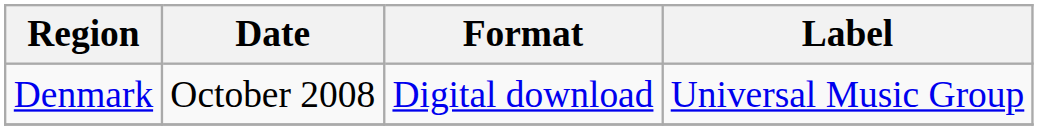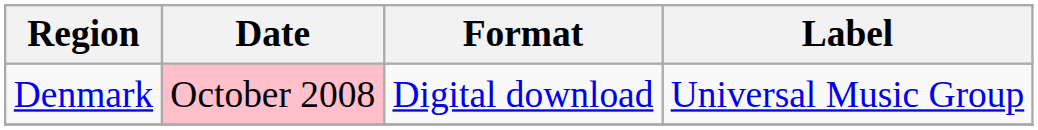 <table class=wikitable>
 <tr>
 <th>Region</th>
 <th>Date</th>
 <th>Format</th>
 <th>Label</th>
 </tr>
 <tr>
 <td><a href='#'>Denmark</a></td>
-<td>October 2008</td>
+<td style="background: pink;">October 2008</td>
 <td><a href='#'>Digital download</a></td>
 <td><a href='#'>Universal Music Group</a></td>
 </tr>
 <tr>
 </tr>
 </table>
